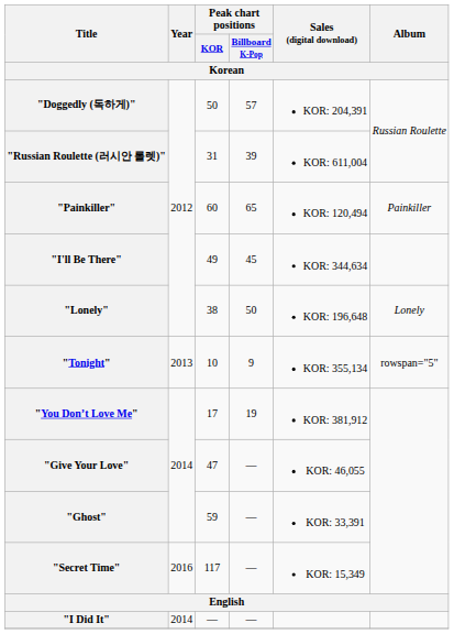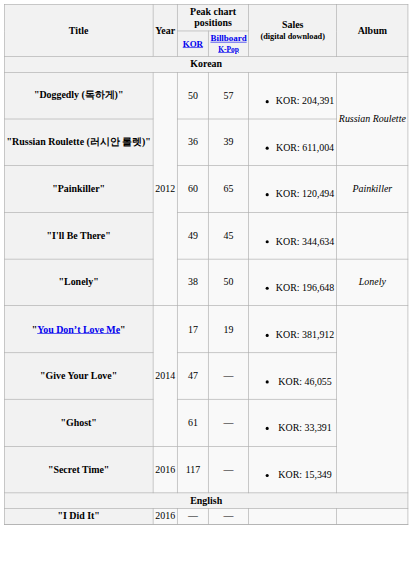 <table class="wikitable plainrowheaders" style="text-align:center">
 <tr>
 <th scope="col" rowspan="2">Title</th>
 <th scope="col" rowspan="2">Year</th>
 <th scope="col" colspan="2">Peak chart <br>positions</th>
 <th scope="col" rowspan="2">Sales<br><small>(digital download)</small></th>
 <th scope="col" rowspan="2">Album</th>
 </tr>
 <tr>
 <th scope="col" style="width:3em;font-size:90%;"><a href='#'>KOR</a><br></th>
 <th scope="col" style="width:3em;font-size:90%;"><a href='#'>Billboard<br><small>K-Pop</small></a><br></th>
 </tr>
 <tr>
 <th scope="col" colspan="6">Korean</th>
 </tr>
 <tr>
 <th scope="row">"Doggedly (독하게)"</th>
 <td rowspan="5">2012</td>
 <td>50</td>
 <td>57</td>
 <td><br><ul><li>KOR: 204,391</li></ul></td>
 <td rowspan="2"><em>Russian Roulette</em></td>
 </tr>
 <tr>
 <th scope="row">"Russian Roulette (러시안 롤렛)"</th>
-<td>31</td>
+<td>36</td>
 <td>39</td>
 <td><br><ul><li>KOR: 611,004</li></ul></td>
 </tr>
 <tr>
 <th scope="row">"Painkiller"</th>
 <td>60</td>
 <td>65</td>
 <td><br><ul><li>KOR: 120,494</li></ul></td>
 <td><em>Painkiller</em></td>
 </tr>
 <tr>
 <th scope="row">"I'll Be There"</th>
 <td>49</td>
 <td>45</td>
 <td><br><ul><li>KOR: 344,634</li></ul></td>
 <td></td>
 </tr>
 <tr>
 <th scope="row">"Lonely"</th>
 <td>38</td>
 <td>50</td>
 <td><br><ul><li>KOR: 196,648</li></ul></td>
 <td><em>Lonely</em></td>
 </tr>
 <tr>
-<th scope="row">"<a href='#'>Tonight</a>"</th>
-<td>2013</td>
-<td>10</td>
-<td>9</td>
-<td><br><ul><li>KOR: 355,134</li></ul></td>
-<td>rowspan="5" </td>
-</tr>
-<tr>
 <th scope="row">"<a href='#'>You Don’t Love Me</a>"</th>
 <td rowspan="3">2014</td>
 <td>17</td>
 <td>19</td>
 <td><br><ul><li>KOR: 381,912</li></ul></td>
 </tr>
 <tr>
 <th scope="row">"Give Your Love" </th>
 <td>47</td>
 <td>—</td>
 <td><br><ul><li>KOR: 46,055</li></ul></td>
 </tr>
 <tr>
 <th scope="row">"Ghost"</th>
-<td>59</td>
+<td>61</td>
 <td>—</td>
 <td><br><ul><li>KOR: 33,391</li></ul></td>
 </tr>
 <tr>
 <th scope="row">"Secret Time"</th>
 <td rowspan="1">2016</td>
 <td>117</td>
 <td>—</td>
 <td><br><ul><li>KOR: 15,349</li></ul></td>
 </tr>
 <tr>
 <th colspan="6">English</th>
 </tr>
 <tr>
 <th scope="row">"I Did It"</th>
-<td>2014</td>
+<td>2016</td>
 <td>—</td>
 <td>—</td>
 <td></td>
 <td></td>
 </tr>
 <tr>
 </tr>
 </table>
